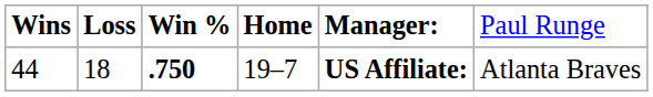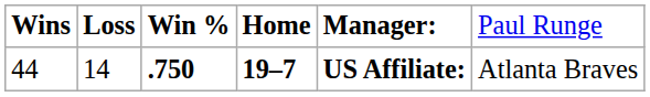 <table class="wikitable">
 <tr bgcolor="#FFFFFF">
 <td><strong>Wins</strong></td>
 <td><strong>Loss</strong></td>
 <td><strong>Win %</strong></td>
 <td><strong>Home</strong></td>
 <td><strong>Manager:</strong></td>
 <td><a href='#'>Paul Runge</a></td>
 </tr>
 <tr bgcolor="#FFFFFF">
 <td>44</td>
-<td>18</td>
+<td>14</td>
 <td><strong>.750</strong></td>
-<td>19–7</td>
+<td><strong>19–7</strong></td>
 <td><strong>US Affiliate:</strong></td>
 <td>Atlanta Braves</td>
 </tr>
 </table>
